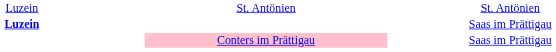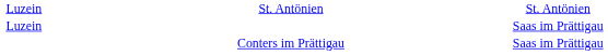 <table width="50%">
 <tr ---->
 <td width ="33%" align="center"><a href='#'>Luzein</a></td>
 <td width ="33%" align="center"><a href='#'>St. Antönien</a></td>
 <td width ="33%" align="center"><a href='#'>St. Antönien</a></td>
 </tr>
 <tr ---->
-<td width ="33%" align="center"><strong><a href='#'>Luzein</a></strong></td>
+<td width ="33%" align="center"><a href='#'>Luzein</a></td>
 <td width ="33%" align="center"></td>
 <td width ="33%" align="center"><a href='#'>Saas im Prättigau</a></td>
 </tr>
 <tr ---->
 <td width ="33%" align="center"></td>
-<td width ="33%" align="center" style="background: pink;"><a href='#'>Conters im Prättigau</a></td>
+<td width ="33%" align="center"><a href='#'>Conters im Prättigau</a></td>
 <td width ="33%" align="center"><a href='#'>Saas im Prättigau</a></td>
 </tr>
 </table>
